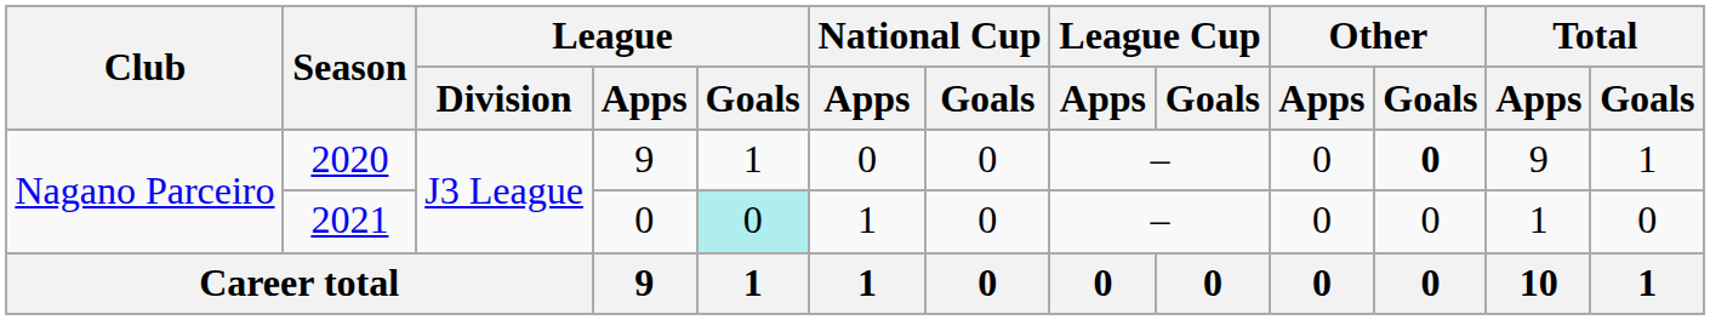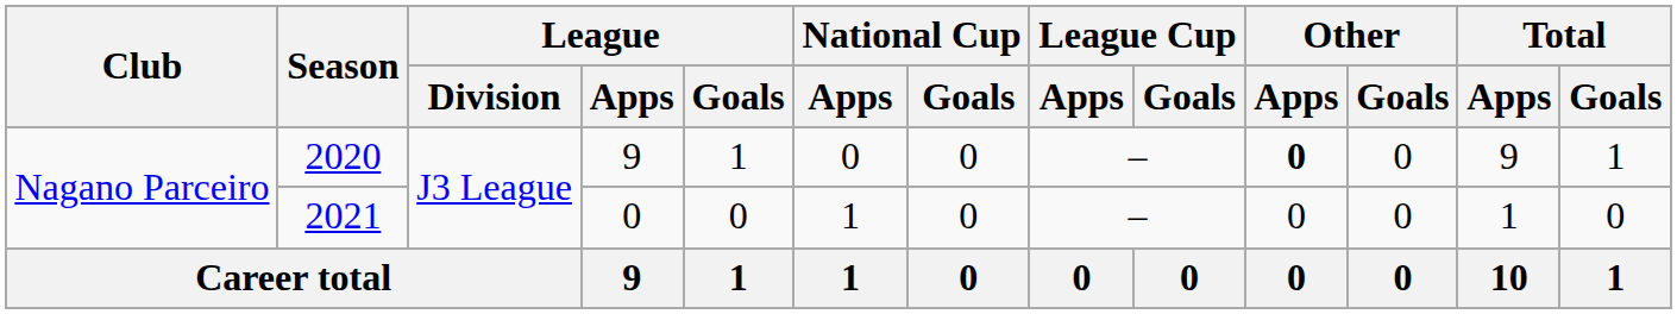 <table class="wikitable" style="text-align: center">
 <tr>
 <th rowspan="2">Club</th>
 <th rowspan="2">Season</th>
 <th colspan="3">League</th>
 <th colspan="2">National Cup</th>
 <th colspan="2">League Cup</th>
 <th colspan="2">Other</th>
 <th colspan="2">Total</th>
 </tr>
 <tr>
 <th>Division</th>
 <th>Apps</th>
 <th>Goals</th>
 <th>Apps</th>
 <th>Goals</th>
 <th>Apps</th>
 <th>Goals</th>
 <th>Apps</th>
 <th>Goals</th>
 <th>Apps</th>
 <th>Goals</th>
 </tr>
 <tr>
 <td rowspan="2"><a href='#'>Nagano Parceiro</a></td>
 <td><a href='#'>2020</a></td>
 <td rowspan="2"><a href='#'>J3 League</a></td>
 <td>9</td>
 <td>1</td>
 <td>0</td>
 <td>0</td>
 <td colspan="2">–</td>
+<td><strong>0</strong></td>
 <td>0</td>
-<td><strong>0</strong></td>
 <td>9</td>
 <td>1</td>
 </tr>
 <tr>
 <td><a href='#'>2021</a></td>
 <td>0</td>
-<td style="background: paleturquoise;">0</td>
+<td>0</td>
 <td>1</td>
 <td>0</td>
 <td colspan="2">–</td>
 <td>0</td>
 <td>0</td>
 <td>1</td>
 <td>0</td>
 </tr>
 <tr>
 <th colspan=3>Career total</th>
 <th>9</th>
 <th>1</th>
 <th>1</th>
 <th>0</th>
 <th>0</th>
 <th>0</th>
 <th>0</th>
 <th>0</th>
 <th>10</th>
 <th>1</th>
 </tr>
 </table>
